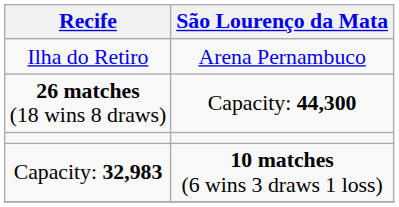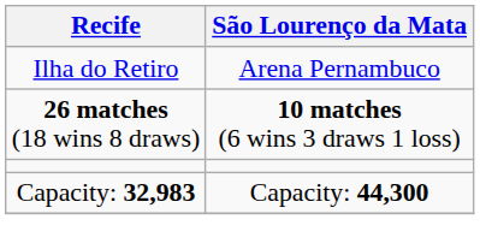 <table class="wikitable" style="text-align:center">
 <tr>
 <th><a href='#'>Recife</a></th>
 <th><a href='#'>São Lourenço da Mata</a></th>
 </tr>
 <tr>
 <td><a href='#'>Ilha do Retiro</a></td>
 <td><a href='#'>Arena Pernambuco</a></td>
 </tr>
 <tr>
 <td><strong>26 matches</strong><br>(18 wins 8 draws)</td>
-<td>Capacity: <strong>44,300</strong></td>
+<td><strong>10 matches</strong><br>(6 wins 3 draws 1 loss)</td>
 </tr>
 <tr>
 <td></td>
 <td></td>
 </tr>
 <tr>
 <td>Capacity: <strong>32,983</strong></td>
-<td><strong>10 matches</strong><br>(6 wins 3 draws 1 loss)</td>
+<td>Capacity: <strong>44,300</strong></td>
 </tr>
 <tr>
 </tr>
 </table>
